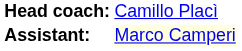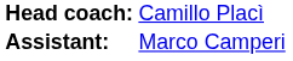 <table>
 <tr>
 <td><strong>Head coach:</strong></td>
 <td><a href='#'>Camillo Placì</a></td>
 </tr>
 <tr>
 <td><strong>Assistant:</strong></td>
-<td style="background: lightyellow;"><a href='#'>Marco Camperi</a></td>
+<td><a href='#'>Marco Camperi</a></td>
 </tr>
 </table>
